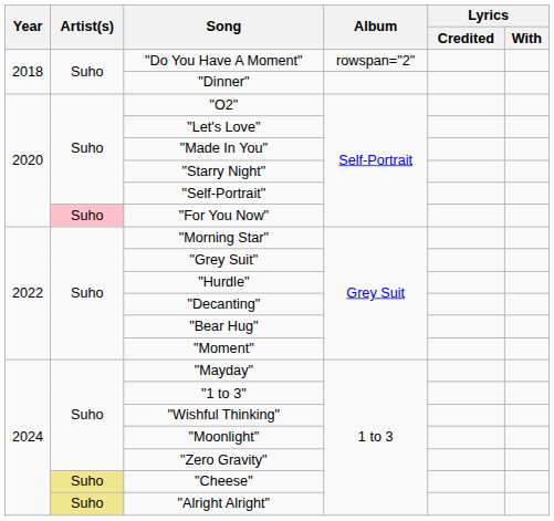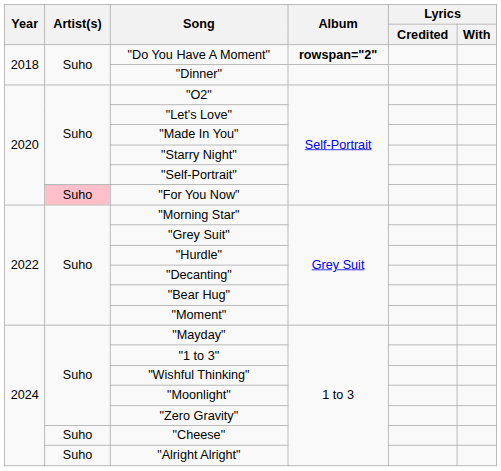 <table class="wikitable" style="text-align:center;  width:100%">
 <tr>
 <th rowspan="2">Year</th>
 <th rowspan="2">Artist(s)</th>
 <th rowspan="2">Song</th>
 <th rowspan="2">Album</th>
 <th colspan="2">Lyrics</th>
 </tr>
 <tr>
 <th>Credited</th>
 <th>With</th>
 </tr>
 <tr>
 <td rowspan="2">2018</td>
 <td rowspan="2">Suho </td>
 <td>"Do You Have A Moment"</td>
-<td>rowspan="2" </td>
+<td><strong>rowspan="2" </strong></td>
 <td></td>
 <td></td>
 </tr>
 <tr>
 <td>"Dinner"</td>
 <td></td>
 <td></td>
 </tr>
 <tr>
 <td rowspan="6">2020</td>
 <td rowspan="5">Suho</td>
 <td>"O2"</td>
 <td rowspan="6"><a href='#'>Self-Portrait</a></td>
 <td></td>
 <td></td>
 </tr>
 <tr>
 <td>"Let's Love"</td>
 <td></td>
 <td></td>
 </tr>
 <tr>
 <td>"Made In You"</td>
 <td></td>
 <td></td>
 </tr>
 <tr>
 <td>"Starry Night"</td>
 <td></td>
 <td></td>
 </tr>
 <tr>
 <td>"Self-Portrait"</td>
 <td></td>
 <td></td>
 </tr>
 <tr>
 <td style="background: pink;">Suho </td>
 <td>"For You Now"</td>
 <td></td>
 <td></td>
 </tr>
 <tr>
 <td rowspan="6">2022</td>
 <td rowspan="6">Suho</td>
 <td>"Morning Star"</td>
 <td rowspan="6"><a href='#'>Grey Suit</a></td>
 <td></td>
 <td></td>
 </tr>
 <tr>
 <td>"Grey Suit"</td>
 <td></td>
 <td></td>
 </tr>
 <tr>
 <td>"Hurdle"</td>
 <td></td>
 <td></td>
 </tr>
 <tr>
 <td>"Decanting"</td>
 <td></td>
 <td></td>
 </tr>
 <tr>
 <td>"Bear Hug"</td>
 <td></td>
 <td></td>
 </tr>
 <tr>
 <td>"Moment"</td>
 <td></td>
 <td></td>
 </tr>
 <tr>
 <td rowspan="7">2024</td>
 <td rowspan="5">Suho</td>
 <td>"Mayday"</td>
 <td rowspan="7">1 to 3</td>
 <td></td>
 <td></td>
 </tr>
 <tr>
 <td>"1 to 3"</td>
 <td></td>
 <td></td>
 </tr>
 <tr>
 <td>"Wishful Thinking"</td>
 <td></td>
 <td></td>
 </tr>
 <tr>
 <td>"Moonlight"</td>
 <td></td>
 <td></td>
 </tr>
 <tr>
 <td>"Zero Gravity"</td>
 <td></td>
 <td></td>
 </tr>
 <tr>
-<td style="background: khaki;">Suho </td>
+<td>Suho </td>
 <td>"Cheese"</td>
 <td></td>
 <td></td>
 </tr>
 <tr>
-<td style="background: khaki;">Suho </td>
+<td>Suho </td>
 <td>"Alright Alright"</td>
 <td></td>
 <td></td>
 </tr>
 </table>
